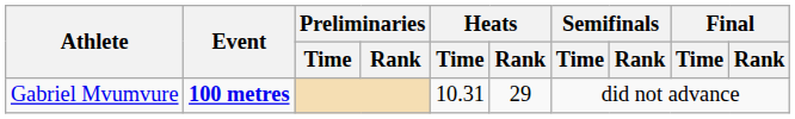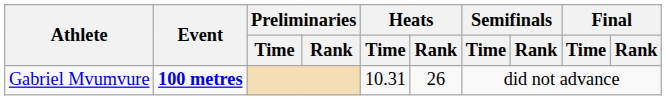 <table class=wikitable style="font-size:90%;">
 <tr>
 <th rowspan=2>Athlete</th>
 <th rowspan=2>Event</th>
 <th colspan=2>Preliminaries</th>
 <th colspan=2>Heats</th>
 <th colspan=2>Semifinals</th>
 <th colspan=2>Final</th>
 </tr>
 <tr>
 <th>Time</th>
 <th>Rank</th>
 <th>Time</th>
 <th>Rank</th>
 <th>Time</th>
 <th>Rank</th>
 <th>Time</th>
 <th>Rank</th>
 </tr>
 <tr>
 <td><a href='#'>Gabriel Mvumvure</a></td>
 <td><strong><a href='#'>100 metres</a></strong></td>
 <td colspan= 2 bgcolor="wheat"></td>
 <td align="center">10.31</td>
-<td align="center">29</td>
+<td align="center">26</td>
 <td align="center" colspan=4>did not advance</td>
 </tr>
 </table>
